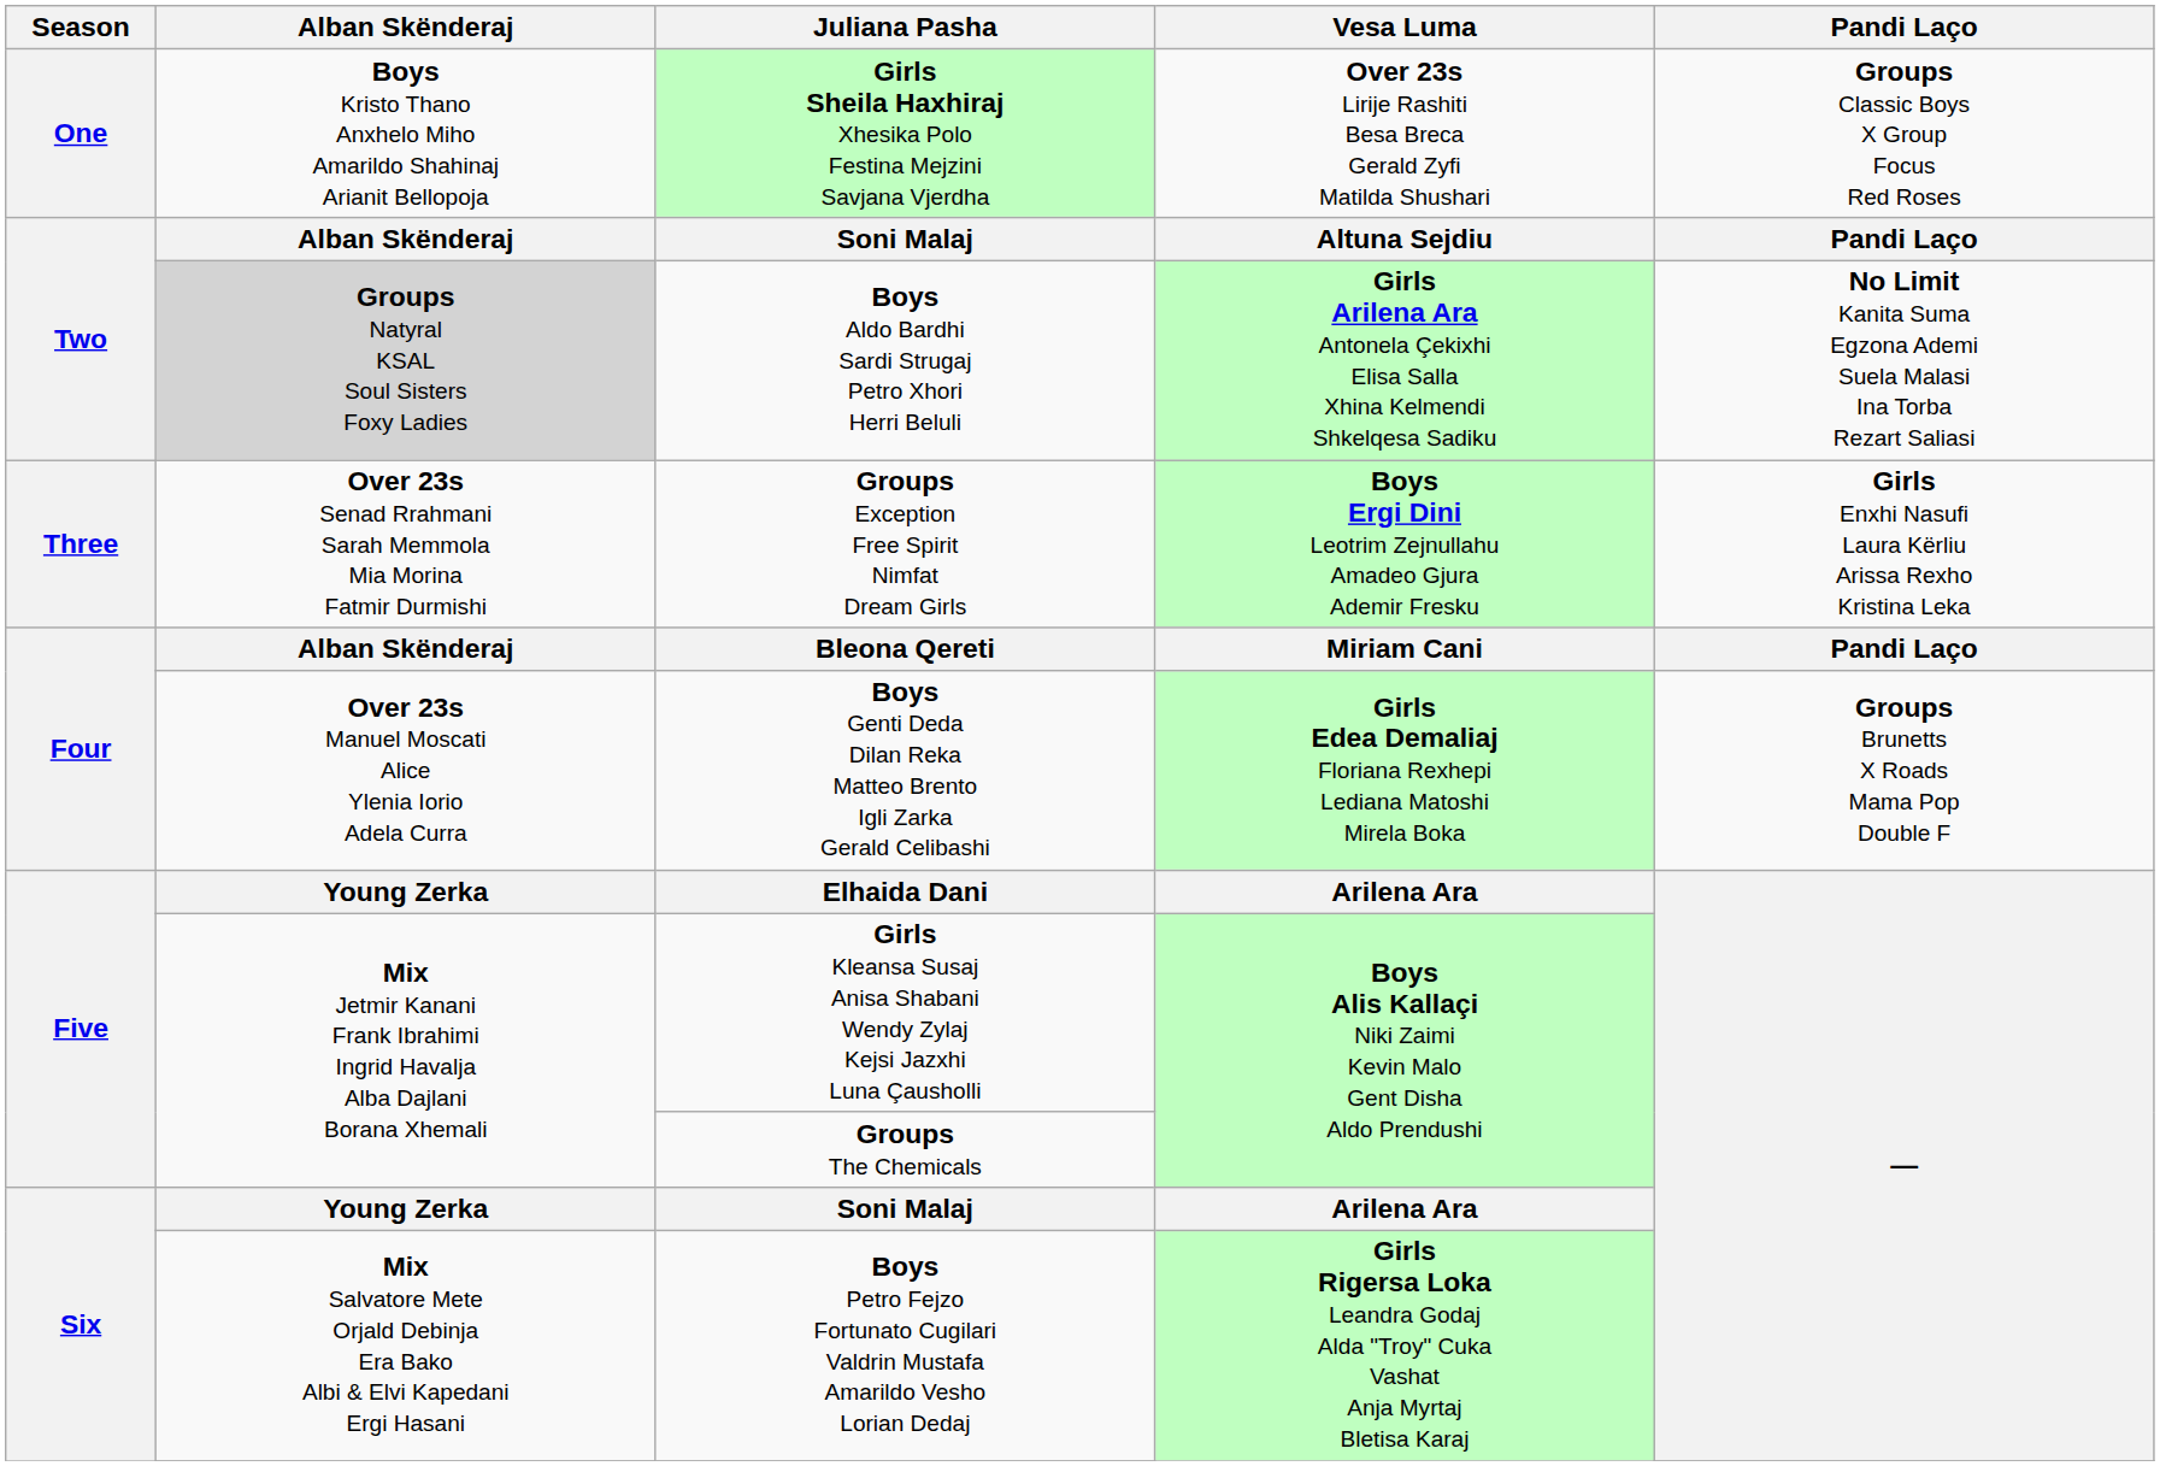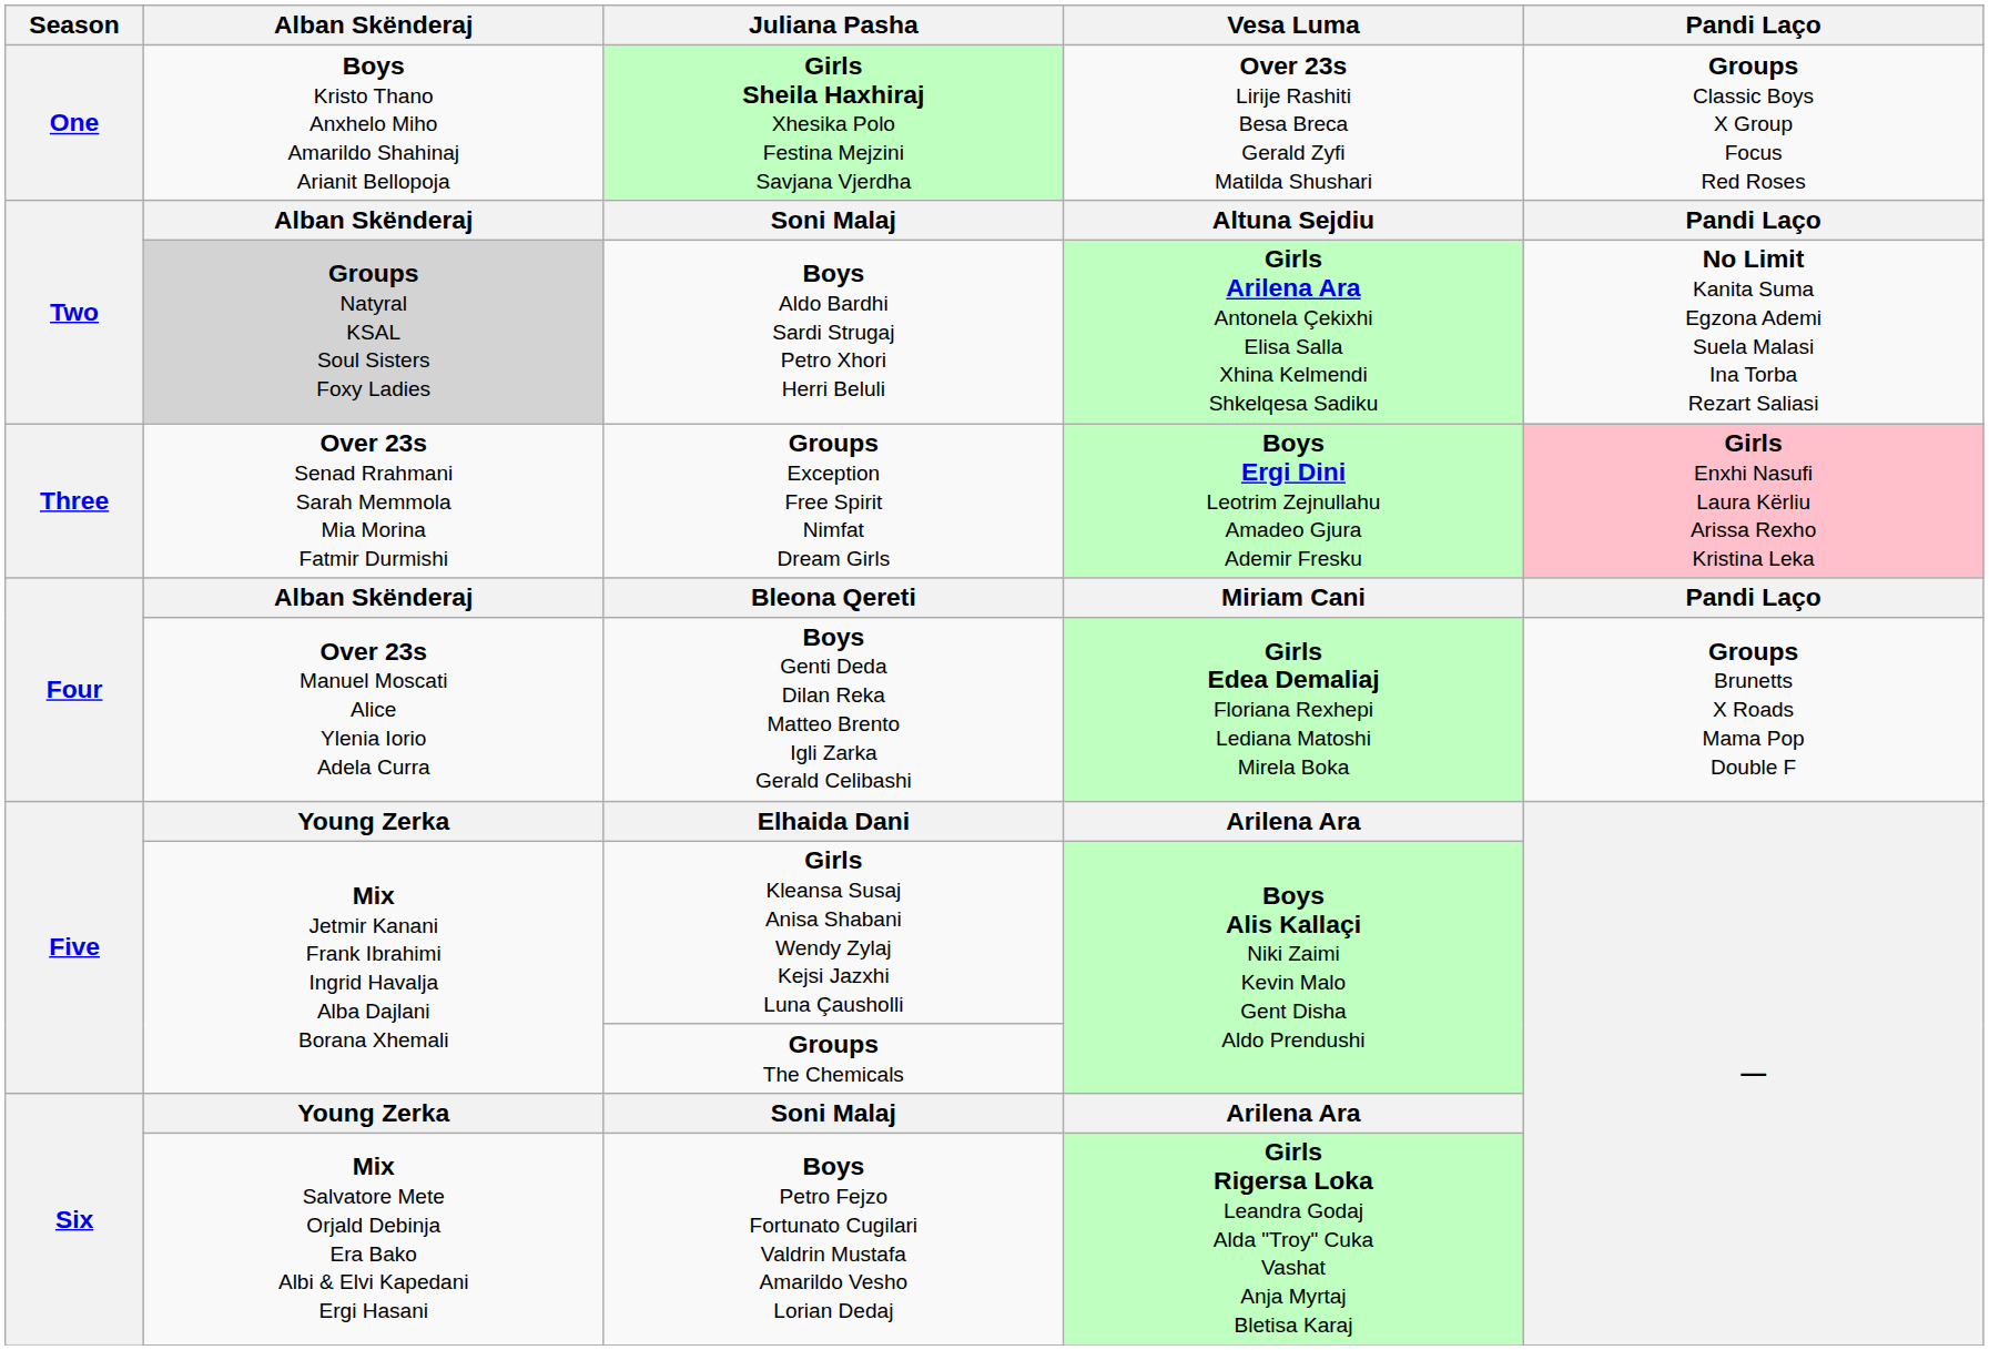 <table class="wikitable" style="text-align:center">
 <tr>
 <th style="width:5%;" scope="col">Season</th>
 <th style="width:17%;" scope="col">Alban Skënderaj</th>
 <th style="width:17%;" scope="col">Juliana Pasha</th>
 <th style="width:17%;" scope="col">Vesa Luma</th>
 <th style="width:17%;" scope="col">Pandi Laço</th>
 </tr>
 <tr>
 <th scope="row"><a href='#'>One</a></th>
 <td><strong>Boys</strong><br><small>Kristo Thano<br>Anxhelo Miho<br>Amarildo Shahinaj<br>Arianit Bellopoja</small></td>
 <td bgcolor="#BFFFC0"><strong>Girls</strong><br><strong>Sheila Haxhiraj</strong><br><small>Xhesika Polo<br>Festina Mejzini<br>Savjana Vjerdha</small></td>
 <td><strong>Over 23s</strong><br><small>Lirije Rashiti<br>Besa Breca<br>Gerald Zyfi<br>Matilda Shushari</small></td>
 <td><strong>Groups</strong><br><small>Classic Boys<br>X Group<br>Focus<br>Red Roses</small></td>
 </tr>
 <tr>
 <th rowspan = "2"><a href='#'>Two</a></th>
 <th>Alban Skënderaj</th>
 <th>Soni Malaj</th>
 <th>Altuna Sejdiu</th>
 <th>Pandi Laço</th>
 </tr>
 <tr>
 <td style="background: lightgrey;"><strong>Groups</strong><br><small>Natyral<br>KSAL<br>Soul Sisters<br>Foxy Ladies</small></td>
 <td><strong>Boys</strong><br><small>Aldo Bardhi<br>Sardi Strugaj<br>Petro Xhori<br>Herri Beluli</small></td>
 <td bgcolor="#BFFFC0"><strong>Girls</strong><br><strong><a href='#'>Arilena Ara</a></strong><br><small>Antonela Çekixhi<br>Elisa Salla<br>Xhina Kelmendi<br>Shkelqesa Sadiku</small></td>
 <td><strong>No Limit</strong><br><small>Kanita Suma<br>Egzona Ademi<br>Suela Malasi<br>Ina Torba<br>Rezart Saliasi</small></td>
 </tr>
 <tr>
 <th><a href='#'>Three</a></th>
 <td><strong>Over 23s</strong><br><small>Senad Rrahmani<br>Sarah Memmola<br>Mia Morina<br>Fatmir Durmishi</small></td>
 <td><strong>Groups</strong><br><small>Exception<br>Free Spirit<br>Nimfat<br>Dream Girls</small></td>
 <td bgcolor="#BFFFC0"><strong>Boys</strong><br><strong><a href='#'>Ergi Dini</a></strong><br><small>Leotrim Zejnullahu<br>Amadeo Gjura<br>Ademir Fresku</small></td>
-<td><strong>Girls</strong><br><small>Enxhi Nasufi<br>Laura Kërliu<br>Arissa Rexho<br>Kristina Leka</small></td>
+<td style="background: pink;"><strong>Girls</strong><br><small>Enxhi Nasufi<br>Laura Kërliu<br>Arissa Rexho<br>Kristina Leka</small></td>
 </tr>
 <tr>
 <th rowspan=2><a href='#'>Four</a></th>
 <th style="width:13%;" scope="col">Alban Skënderaj</th>
 <th style="width:13%;" scope="col">Bleona Qereti</th>
 <th style="width:13%;" scope="col">Miriam Cani</th>
 <th style="width:13%;" scope="col">Pandi Laço</th>
 </tr>
 <tr>
 <td><strong>Over 23s</strong><br><small>Manuel Moscati<br>Alice<br>Ylenia Iorio<br>Adela Curra</small></td>
 <td><strong>Boys</strong><br><small>Genti Deda<br>Dilan Reka<br>Matteo Brento<br>Igli Zarka<br>Gerald Celibashi</small></td>
 <td bgcolor="#BFFFC0"><strong>Girls</strong><br><strong>Edea Demaliaj</strong><br><small>Floriana Rexhepi<br>Lediana Matoshi<br>Mirela Boka</small></td>
 <td><strong>Groups</strong><br><small>Brunetts<br>X Roads<br>Mama Pop<br>Double F</small></td>
 </tr>
 <tr>
 <th rowspan=3><a href='#'>Five</a></th>
 <th style="width:13%;" scope="col">Young Zerka</th>
 <th style="width:13%;" scope="col">Elhaida Dani</th>
 <th style="width:13%;" scope="col">Arilena Ara</th>
 <th style="width:13%;" rowspan="5" scope="col">—</th>
 </tr>
 <tr>
 <td rowspan=2><strong>Mix</strong><br><small>Jetmir Kanani<br>Frank Ibrahimi<br>Ingrid Havalja<br>Alba Dajlani<br>Borana Xhemali</small></td>
 <td><strong>Girls</strong><br><small>Kleansa Susaj<br>Anisa Shabani<br>Wendy Zylaj<br>Kejsi Jazxhi<br>Luna Çausholli</small></td>
 <td rowspan=2 bgcolor="#BFFFC0"><strong>Boys</strong><br><strong>Alis Kallaçi</strong><br><small>Niki Zaimi<br>Kevin Malo<br>Gent Disha<br>Aldo Prendushi</small></td>
 </tr>
 <tr>
 <td><strong>Groups</strong><br><small>The Chemicals</small></td>
 </tr>
 <tr>
 <th rowspan=3><a href='#'>Six</a></th>
 <th style="width:13%;" scope="col">Young Zerka</th>
 <th style="width:13%;" scope="col">Soni Malaj</th>
 <th style="width:13%;" scope="col">Arilena Ara</th>
 </tr>
 <tr>
 <td><strong>Mix</strong><br><small>Salvatore Mete<br>Orjald Debinja<br>Era Bako<br>Albi & Elvi Kapedani<br>Ergi Hasani</small></td>
 <td><strong>Boys</strong><br><small>Petro Fejzo<br>Fortunato Cugilari<br>Valdrin Mustafa<br>Amarildo Vesho<br>Lorian Dedaj</small></td>
 <td rowspan=2 bgcolor="#BFFFC0"><strong>Girls</strong><br><strong>Rigersa Loka</strong><br><small>Leandra Godaj<br>Alda "Troy" Cuka<br>Vashat<br>Anja Myrtaj<br>Bletisa Karaj</small></td>
 </tr>
 <tr>
 </tr>
 </table>
